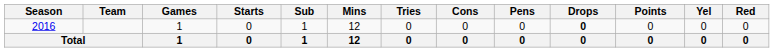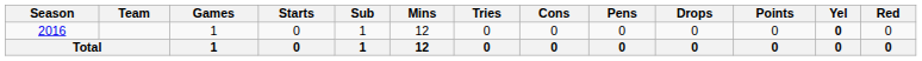 <table class="wikitable" style="text-align:center; line-height:90%; font-size:95%; width:70%;">
 <tr>
 <th>Season</th>
 <th>Team</th>
 <th>Games</th>
 <th>Starts</th>
 <th>Sub</th>
 <th>Mins</th>
 <th>Tries</th>
 <th>Cons</th>
 <th>Pens</th>
 <th>Drops</th>
 <th>Points</th>
 <th>Yel</th>
 <th>Red</th>
 </tr>
 <tr>
 <td><a href='#'>2016</a></td>
 <td></td>
 <td>1</td>
 <td>0</td>
 <td>1</td>
 <td>12</td>
 <td>0</td>
 <td>0</td>
 <td>0</td>
-<td><strong>0</strong></td>
 <td>0</td>
 <td>0</td>
+<td><strong>0</strong></td>
 <td>0</td>
 </tr>
 <tr>
 <th colspan="2">Total</th>
 <th>1</th>
 <th>0</th>
 <th>1</th>
 <th>12</th>
 <th>0</th>
 <th>0</th>
 <th>0</th>
 <th>0</th>
 <th>0</th>
 <th>0</th>
 <th>0</th>
 </tr>
 </table>
